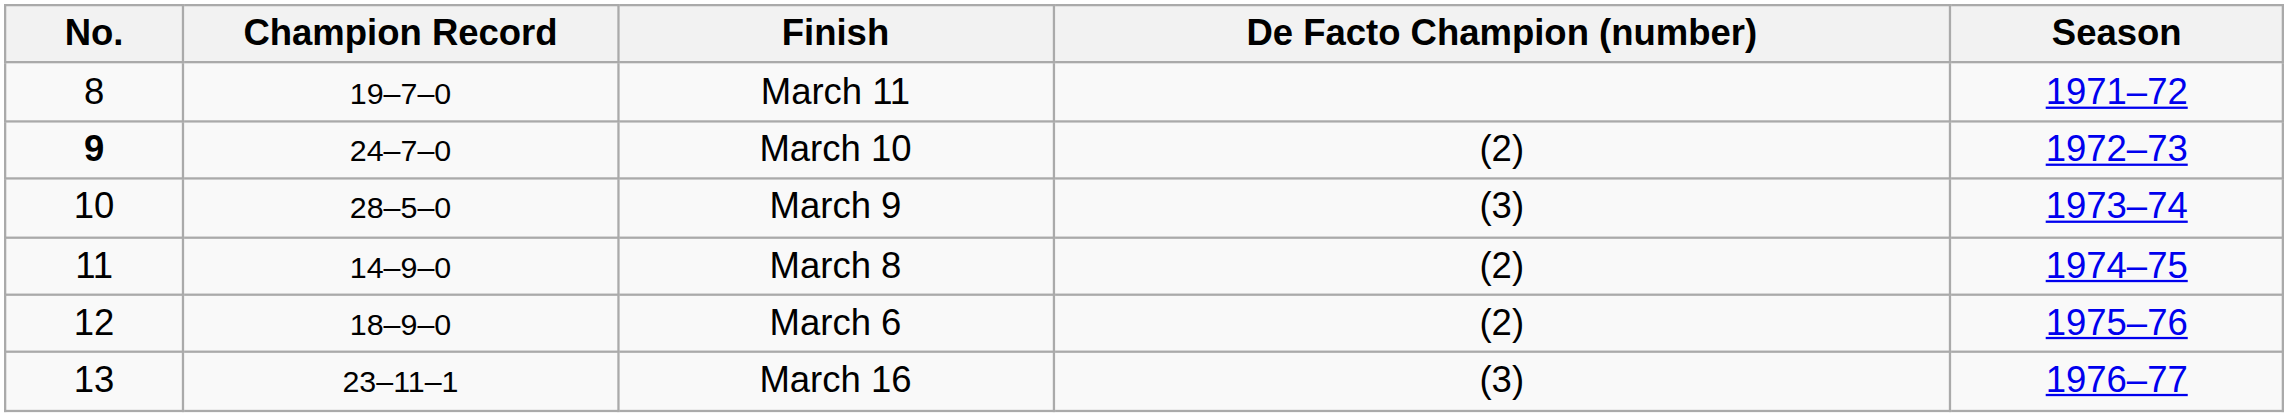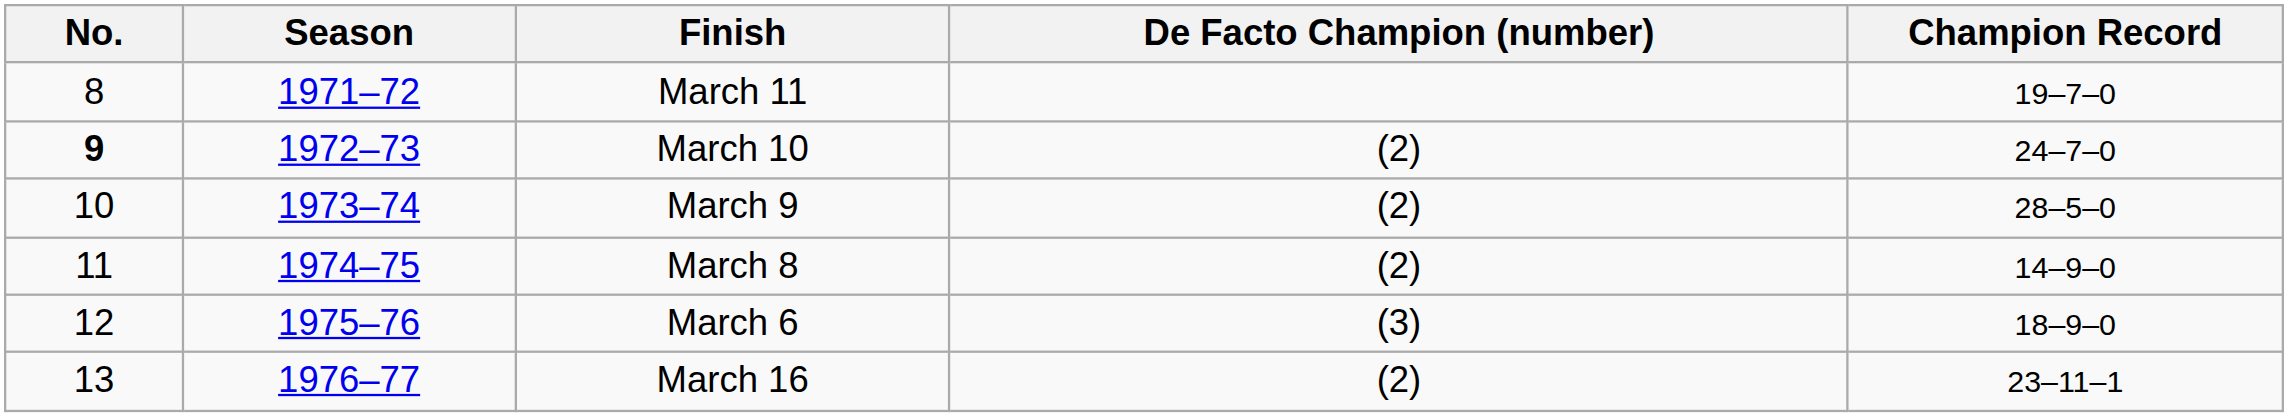 <table class="wikitable" width=1000>
 <tr>
 <th style="width:3em">No.</th>
-<th style="width:8em">Champion Record</th>
+<th style="width:6em">Season</th>
 <th style="width:8em">Finish</th>
 <th style="width:17em">De Facto Champion (number)</th>
-<th style="width:6em">Season</th>
+<th style="width:8em">Champion Record</th>
 </tr>
 <tr style="text-align:center;">
 <td>8</td>
-<td><small>19–7–0</small></td>
+<td><a href='#'>1971–72</a></td>
 <td>March 11</td>
 <td><a href='#'></a></td>
-<td><a href='#'>1971–72</a></td>
+<td><small>19–7–0</small></td>
 </tr>
 <tr style="text-align:center;">
 <td><strong>9</strong></td>
-<td><small>24–7–0</small></td>
+<td><a href='#'>1972–73</a></td>
 <td>March 10</td>
 <td><a href='#'></a> (2)</td>
-<td><a href='#'>1972–73</a></td>
+<td><small>24–7–0</small></td>
 </tr>
 <tr style="text-align:center;">
 <td>10</td>
+<td><a href='#'>1973–74</a></td>
+<td>March 9</td>
+<td><a href='#'></a> (2)</td>
 <td><small>28–5–0</small></td>
-<td>March 9</td>
-<td><a href='#'></a> (3)</td>
-<td><a href='#'>1973–74</a></td>
 </tr>
 <tr style="text-align:center;">
 <td>11</td>
-<td><small>14–9–0</small></td>
+<td><a href='#'>1974–75</a></td>
 <td>March 8</td>
 <td><a href='#'></a> (2)</td>
-<td><a href='#'>1974–75</a></td>
+<td><small>14–9–0</small></td>
 </tr>
 <tr style="text-align:center;">
 <td>12</td>
+<td><a href='#'>1975–76</a></td>
+<td>March 6</td>
+<td><a href='#'></a> (3)</td>
 <td><small>18–9–0</small></td>
-<td>March 6</td>
-<td><a href='#'></a> (2)</td>
-<td><a href='#'>1975–76</a></td>
 </tr>
 <tr style="text-align:center;">
 <td>13</td>
+<td><a href='#'>1976–77</a></td>
+<td>March 16</td>
+<td><a href='#'></a> (2)</td>
 <td><small>23–11–1</small></td>
-<td>March 16</td>
-<td><a href='#'></a> (3)</td>
-<td><a href='#'>1976–77</a></td>
 </tr>
 </table>
